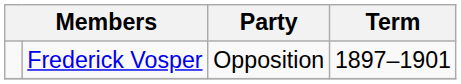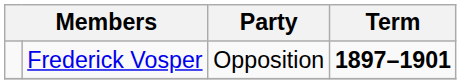 <table class="wikitable">
 <tr>
 <th colspan="2">Members</th>
 <th>Party</th>
 <th>Term</th>
 </tr>
 <tr>
 <td> </td>
 <td><a href='#'>Frederick Vosper</a></td>
 <td>Opposition</td>
-<td>1897–1901</td>
+<td><strong>1897–1901</strong></td>
 </tr>
 <tr>
 </tr>
 </table>
